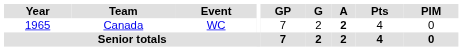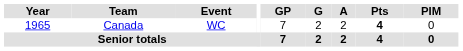 <table border="0" cellpadding="1" cellspacing="0" ID="Table3" style="text-align:center; width:40em">
 <tr bgcolor="#e0e0e0">
 <th>Year</th>
 <th>Team</th>
 <th>Event</th>
 <th rowspan="102" bgcolor="#ffffff"></th>
 <th>GP</th>
 <th>G</th>
 <th>A</th>
 <th>Pts</th>
 <th>PIM</th>
 </tr>
 <tr>
 <td><a href='#'>1965</a></td>
 <td><a href='#'>Canada</a></td>
 <td><a href='#'>WC</a></td>
 <td>7</td>
 <td>2</td>
-<td><strong>2</strong></td>
-<td>4</td>
+<td>2</td>
+<td><strong>4</strong></td>
 <td>0</td>
 </tr>
 <tr bgcolor="#e0e0e0">
 <th colspan="4">Senior totals</th>
 <th>7</th>
 <th>2</th>
 <th>2</th>
 <th>4</th>
 <th>0</th>
 </tr>
 </table>
